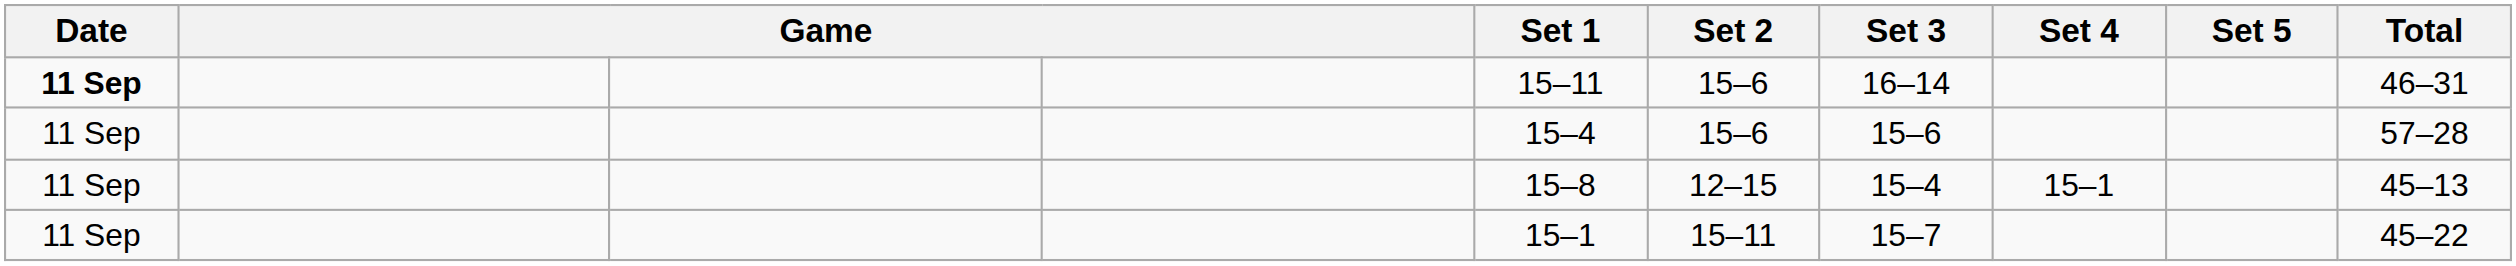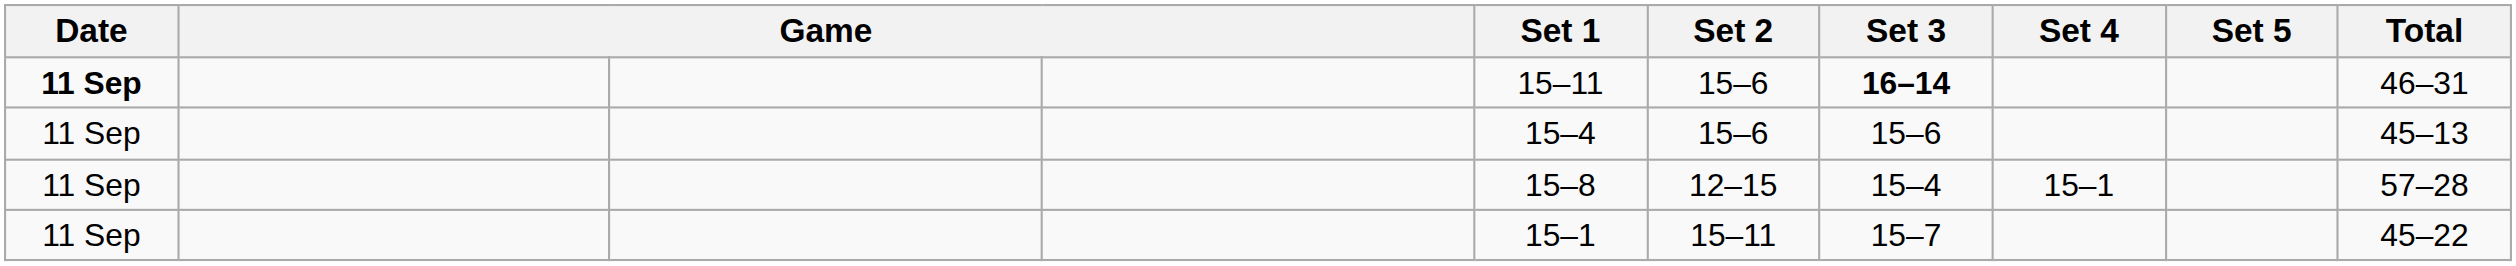 <table width=1200 class="wikitable">
 <tr>
 <th width=6%>Date</th>
 <th width=45% colspan=3>Game</th>
 <th width=6%>Set 1</th>
 <th width=6%>Set 2</th>
 <th width=6%>Set 3</th>
 <th width=6%>Set 4</th>
 <th width=6%>Set 5</th>
 <th width=6%>Total</th>
 </tr>
 <tr style=font-size:95%>
 <td align=center><strong>11 Sep</strong></td>
 <td align=center><strong></strong></td>
 <td></td>
 <td></td>
 <td align=center>15–11</td>
 <td align=center>15–6</td>
-<td align=center>16–14</td>
+<td align=center><strong>16–14</strong></td>
 <td align=center></td>
 <td align=center></td>
 <td align=center>46–31</td>
 </tr>
 <tr style=font-size:95%>
 <td align=center>11 Sep</td>
 <td align=center><strong></strong></td>
 <td></td>
 <td></td>
 <td align=center>15–4</td>
 <td align=center>15–6</td>
 <td align=center>15–6</td>
 <td align=center></td>
 <td align=center></td>
-<td align=center>57–28</td>
+<td align=center>45–13</td>
 </tr>
 <tr style=font-size:95%>
 <td align=center>11 Sep</td>
 <td align=center><strong></strong></td>
 <td></td>
 <td></td>
 <td align=center>15–8</td>
 <td align=center>12–15</td>
 <td align=center>15–4</td>
 <td align=center>15–1</td>
 <td align=center></td>
-<td align=center>45–13</td>
+<td align=center>57–28</td>
 </tr>
 <tr style=font-size:95%>
 <td align=center>11 Sep</td>
 <td align=center><strong></strong></td>
 <td></td>
 <td></td>
 <td align=center>15–1</td>
 <td align=center>15–11</td>
 <td align=center>15–7</td>
 <td align=center></td>
 <td align=center></td>
 <td align=center>45–22</td>
 </tr>
 </table>
